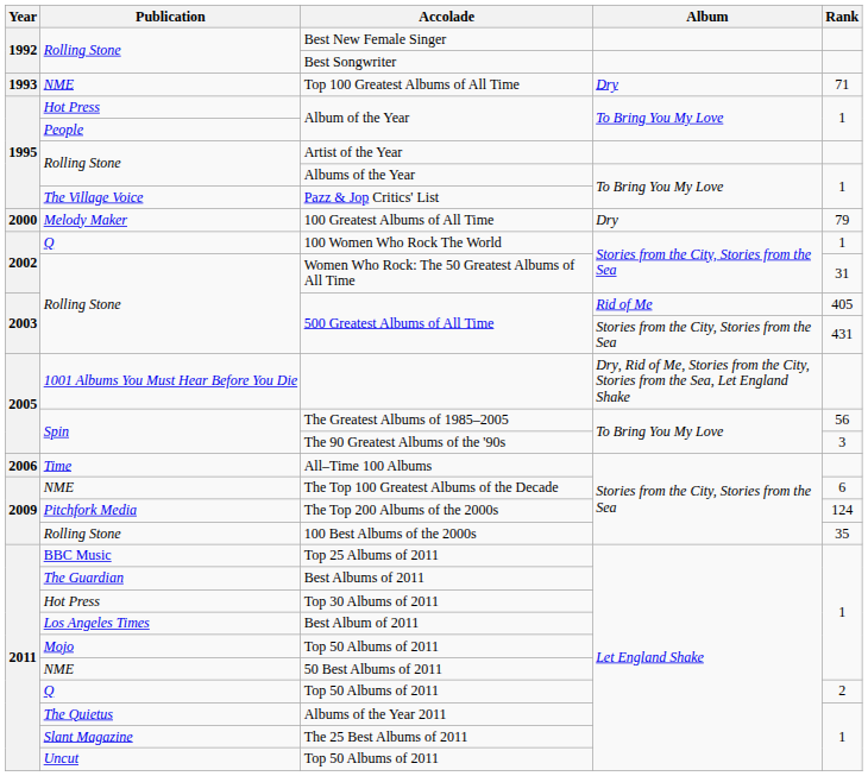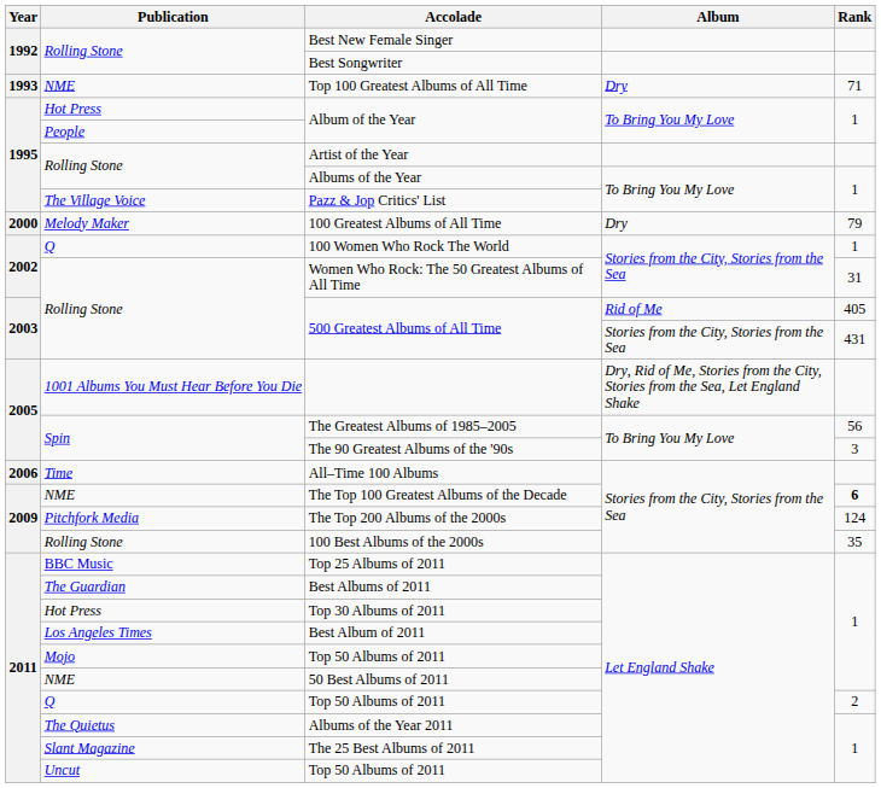 <table class="wikitable plainrowheaders" style="text-align:left;">
 <tr>
 <th scope="col">Year</th>
 <th scope="col">Publication</th>
 <th scope="col" style="width:320px;">Accolade</th>
 <th scope="col" style="width:250px;">Album</th>
 <th scope="col">Rank</th>
 </tr>
 <tr>
 <th scope="row" rowspan="2">1992</th>
 <td rowspan="2"><em><a href='#'>Rolling Stone</a></em></td>
 <td>Best New Female Singer</td>
 <td></td>
 <td></td>
 </tr>
 <tr>
 <td>Best Songwriter</td>
 <td></td>
 <td></td>
 </tr>
 <tr>
 <th scope="row">1993</th>
 <td><em><a href='#'>NME</a></em></td>
 <td>Top 100 Greatest Albums of All Time</td>
 <td><em><a href='#'>Dry</a></em></td>
 <td style="text-align:center;">71</td>
 </tr>
 <tr>
 <th scope="row" rowspan="5">1995</th>
 <td><em><a href='#'>Hot Press</a></em></td>
 <td rowspan="2">Album of the Year</td>
 <td rowspan="2"><em><a href='#'>To Bring You My Love</a></em></td>
 <td style="text-align:center;" rowspan="2">1</td>
 </tr>
 <tr>
 <td><em><a href='#'>People</a></em></td>
 </tr>
 <tr>
 <td rowspan="2"><em>Rolling Stone</em></td>
 <td>Artist of the Year</td>
 <td></td>
 <td></td>
 </tr>
 <tr>
 <td>Albums of the Year</td>
 <td rowspan="2"><em>To Bring You My Love</em></td>
 <td style="text-align:center;" rowspan="2">1</td>
 </tr>
 <tr>
 <td><em><a href='#'>The Village Voice</a></em></td>
 <td><a href='#'>Pazz & Jop</a> Critics' List</td>
 </tr>
 <tr>
 <th scope="row">2000</th>
 <td><em><a href='#'>Melody Maker</a></em></td>
 <td>100 Greatest Albums of All Time</td>
 <td><em>Dry</em></td>
 <td style="text-align:center;">79</td>
 </tr>
 <tr>
 <th scope="row" rowspan="2">2002</th>
 <td><em><a href='#'>Q</a></em></td>
 <td>100 Women Who Rock The World</td>
 <td rowspan="2"><em><a href='#'>Stories from the City, Stories from the Sea</a></em></td>
 <td style="text-align:center;">1</td>
 </tr>
 <tr>
 <td rowspan="3"><em>Rolling Stone</em></td>
 <td>Women Who Rock: The 50 Greatest Albums of All Time</td>
 <td style="text-align:center;">31</td>
 </tr>
 <tr>
 <th scope="row" rowspan="2">2003</th>
 <td rowspan="2"><a href='#'>500 Greatest Albums of All Time</a></td>
 <td><em><a href='#'>Rid of Me</a></em></td>
 <td style="text-align:center;">405</td>
 </tr>
 <tr>
 <td><em>Stories from the City, Stories from the Sea</em></td>
 <td style="text-align:center;">431</td>
 </tr>
 <tr>
 <th scope="row" rowspan="3">2005</th>
 <td><em><a href='#'>1001 Albums You Must Hear Before You Die</a></em></td>
 <td></td>
 <td><em>Dry</em>, <em>Rid of Me</em>, <em>Stories from the City, Stories from the Sea</em>, <em>Let England Shake</em></td>
 <td></td>
 </tr>
 <tr>
 <td rowspan="2"><em><a href='#'>Spin</a></em></td>
 <td>The Greatest Albums of 1985–2005</td>
 <td rowspan="2"><em>To Bring You My Love</em></td>
 <td style="text-align:center;">56</td>
 </tr>
 <tr>
 <td>The 90 Greatest Albums of the '90s</td>
 <td style="text-align:center;">3</td>
 </tr>
 <tr>
 <th scope="row">2006</th>
 <td><em><a href='#'>Time</a></em></td>
 <td>All–Time 100 Albums</td>
 <td rowspan="4"><em>Stories from the City, Stories from the Sea</em></td>
 <td></td>
 </tr>
 <tr>
 <th scope="row" rowspan="3">2009</th>
 <td><em>NME</em></td>
 <td>The Top 100 Greatest Albums of the Decade</td>
-<td style="text-align:center;">6</td>
+<td style="text-align:center;"><strong>6</strong></td>
 </tr>
 <tr>
 <td><em><a href='#'>Pitchfork Media</a></em></td>
 <td>The Top 200 Albums of the 2000s</td>
 <td style="text-align:center;">124</td>
 </tr>
 <tr>
 <td><em>Rolling Stone</em></td>
 <td>100 Best Albums of the 2000s</td>
 <td style="text-align:center;">35</td>
 </tr>
 <tr>
 <th scope="row" rowspan="10">2011</th>
 <td><a href='#'>BBC Music</a></td>
 <td>Top 25 Albums of 2011</td>
 <td rowspan="10"><em><a href='#'>Let England Shake</a></em></td>
 <td style="text-align:center" rowspan="6">1</td>
 </tr>
 <tr>
 <td><em><a href='#'>The Guardian</a></em></td>
 <td>Best Albums of 2011</td>
 </tr>
 <tr>
 <td><em>Hot Press</em></td>
 <td>Top 30 Albums of 2011</td>
 </tr>
 <tr>
 <td><em><a href='#'>Los Angeles Times</a></em></td>
 <td>Best Album of 2011</td>
 </tr>
 <tr>
 <td><em><a href='#'>Mojo</a></em></td>
 <td>Top 50 Albums of 2011</td>
 </tr>
 <tr>
 <td><em>NME</em></td>
 <td>50 Best Albums of 2011</td>
 </tr>
 <tr>
 <td><em><a href='#'>Q</a></em></td>
 <td>Top 50 Albums of 2011</td>
 <td style="text-align:center">2</td>
 </tr>
 <tr>
 <td><em><a href='#'>The Quietus</a></em></td>
 <td>Albums of the Year 2011</td>
 <td style="text-align:center" rowspan="3">1</td>
 </tr>
 <tr>
 <td><em><a href='#'>Slant Magazine</a></em></td>
 <td>The 25 Best Albums of 2011</td>
 </tr>
 <tr>
 <td><em><a href='#'>Uncut</a></em></td>
 <td>Top 50 Albums of 2011</td>
 </tr>
 </table>
